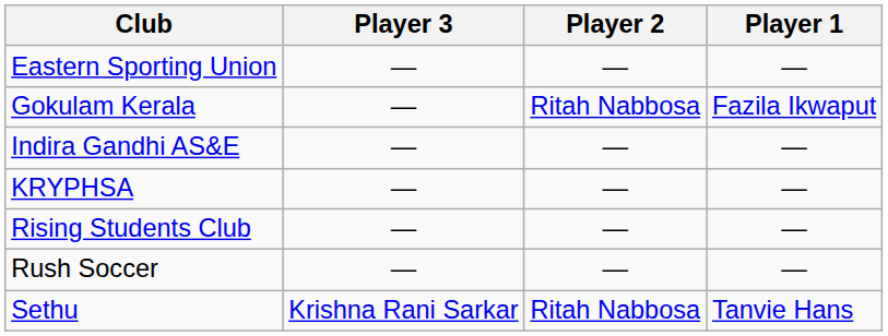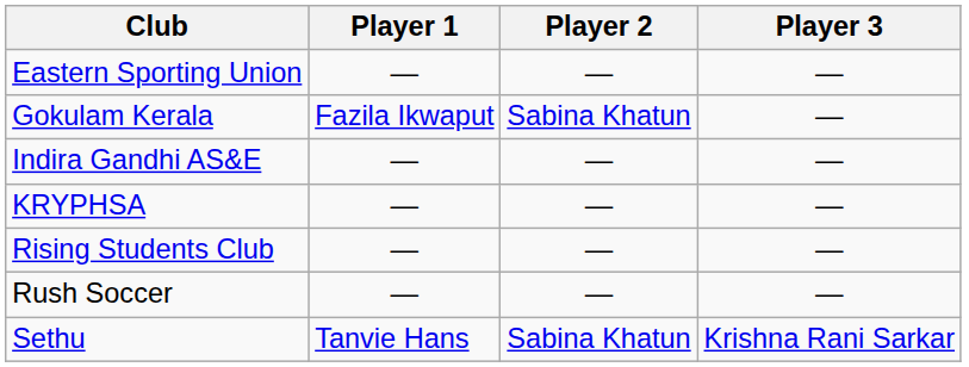 <table class="sortable wikitable" style="text-align: left">
 <tr>
 <th style="text-align:center;">Club</th>
+<th style="text-align:center;">Player 1</th>
+<th style="text-align:center;">Player 2</th>
 <th style="text-align:center;">Player 3</th>
-<th style="text-align:center;">Player 2</th>
-<th style="text-align:center;">Player 1</th>
 </tr>
 <tr>
 <td><a href='#'>Eastern Sporting Union</a></td>
 <td style="text-align: center;">—</td>
 <td style="text-align: center;">—</td>
 <td style="text-align: center;">—</td>
 </tr>
 <tr>
 <td><a href='#'>Gokulam Kerala</a></td>
+<td> <a href='#'>Fazila Ikwaput</a></td>
+<td> <a href='#'>Sabina Khatun</a></td>
 <td style="text-align: center;">—</td>
-<td> <a href='#'>Ritah Nabbosa</a></td>
-<td> <a href='#'>Fazila Ikwaput</a></td>
 </tr>
 <tr>
 <td><a href='#'>Indira Gandhi AS&E</a></td>
 <td style="text-align: center;">—</td>
 <td style="text-align: center;">—</td>
 <td style="text-align: center;">—</td>
 </tr>
 <tr>
 <td><a href='#'>KRYPHSA</a></td>
 <td style="text-align: center;">—</td>
 <td style="text-align: center;">—</td>
 <td style="text-align: center;">—</td>
 </tr>
 <tr>
 <td><a href='#'>Rising Students Club</a></td>
 <td style="text-align: center;">—</td>
 <td style="text-align: center;">—</td>
 <td style="text-align: center;">—</td>
 </tr>
 <tr>
 <td>Rush Soccer</td>
 <td style="text-align: center;">—</td>
 <td style="text-align: center;">—</td>
 <td style="text-align: center;">—</td>
 </tr>
 <tr>
 <td><a href='#'>Sethu</a></td>
+<td> <a href='#'>Tanvie Hans</a></td>
+<td> <a href='#'>Sabina Khatun</a></td>
 <td> <a href='#'>Krishna Rani Sarkar</a></td>
-<td> <a href='#'>Ritah Nabbosa</a></td>
-<td> <a href='#'>Tanvie Hans</a></td>
 </tr>
 </table>
